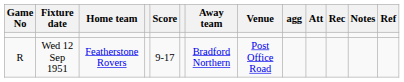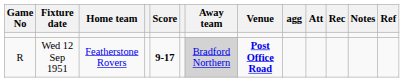 <table class="wikitable" style="text-align:center;">
 <tr>
 <th width=20 abbr="No">Game No</th>
 <th width=100 abbr="Date">Fixture date</th>
 <th width=150 abbr="Home team">Home team</th>
 <th width=5 abbr="space"></th>
 <th width=20 abbr="Score">Score</th>
 <th width=5 abbr="space"></th>
 <th width=150 abbr="Away team">Away team</th>
 <th width=150 abbr="Venue">Venue</th>
 <th width=50 abbr="agg">agg</th>
 <th width=30 abbr="Att">Att</th>
 <th width=30 abbr="Rec">Rec</th>
 <th width=20 abbr="Notes">Notes</th>
 <th width=30 abbr="Ref">Ref</th>
 </tr>
 <tr>
 <td></td>
 <td></td>
 <td></td>
 <td></td>
 <td></td>
 <td></td>
 <td></td>
 <td></td>
 <td></td>
 <td></td>
 <td></td>
 <td></td>
 </tr>
 <tr>
 <td>R</td>
 <td>Wed 12 Sep 1951</td>
 <td><a href='#'>Featherstone Rovers</a></td>
 <td></td>
-<td>9-17</td>
+<td><strong>9-17</strong></td>
 <td></td>
-<td><a href='#'>Bradford Northern</a></td>
-<td><a href='#'>Post Office Road</a></td>
+<td style="background: lightgrey;"><a href='#'>Bradford Northern</a></td>
+<td><strong><a href='#'>Post Office Road</a></strong></td>
 <td></td>
 <td></td>
 <td></td>
 <td></td>
 <td></td>
 </tr>
 </table>
